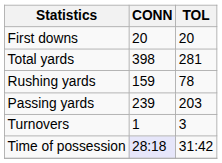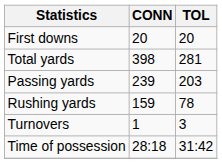 <table class="wikitable" style="float: left;">
 <tr>
 <th>Statistics</th>
 <th>CONN</th>
 <th>TOL</th>
 </tr>
 <tr>
 <td>First downs</td>
 <td>20</td>
 <td>20</td>
 </tr>
 <tr>
 <td>Total yards</td>
 <td>398</td>
 <td>281</td>
 </tr>
 <tr>
+<td>Passing yards</td>
+<td>239</td>
+<td>203</td>
+</tr>
+<tr>
 <td>Rushing yards</td>
 <td>159</td>
 <td>78</td>
-</tr>
-<tr>
-<td>Passing yards</td>
-<td>239</td>
-<td>203</td>
 </tr>
 <tr>
 <td>Turnovers</td>
 <td>1</td>
 <td>3</td>
 </tr>
 <tr>
 <td>Time of possession</td>
-<td style="background: lavender;">28:18</td>
+<td>28:18</td>
 <td>31:42</td>
 </tr>
 <tr>
 </tr>
 </table>
